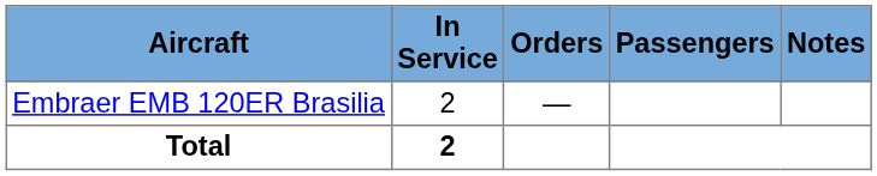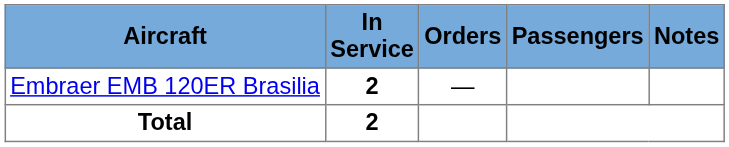 <table class="toccolours" border="1" cellpadding="3" style="border-collapse:collapse; margin:1em auto;">
 <tr bgcolor=#75aadb>
 <th>Aircraft</th>
 <th>In<br>Service</th>
 <th>Orders</th>
 <th>Passengers</th>
 <th>Notes</th>
 </tr>
 <tr>
 <td><a href='#'>Embraer EMB 120ER Brasilia</a></td>
-<td align="center">2</td>
+<td align="center"><strong>2</strong></td>
 <td align="center">—</td>
 <td align="center"></td>
 <td></td>
 </tr>
 <tr>
 <th>Total</th>
 <th>2</th>
 <th></th>
 <th colspan="2"></th>
 </tr>
 </table>
